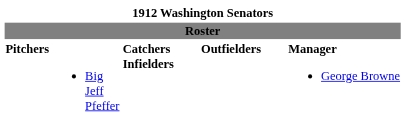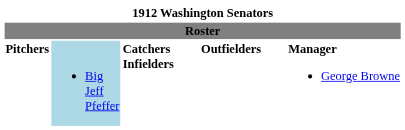 <table class="toccolours" style="font-size: 95%;">
 <tr>
 <th colspan="10" style="background-color: white; color: black; text-align: center;">1912 Washington Senators</th>
 </tr>
 <tr>
 <td colspan="10" style="background-color:gray; color: black; text-align: center;"><strong>Roster</strong></td>
 </tr>
 <tr>
 <td valign="top"><strong>Pitchers</strong></td>
-<td width="25px"><br><ul><li><a href='#'>Big Jeff Pfeffer</a></li></ul></td>
+<td width="25px" style="background: lightblue;"><br><ul><li><a href='#'>Big Jeff Pfeffer</a></li></ul></td>
 <td valign="top"><strong>Catchers</strong><br><strong>Infielders</strong></td>
 <td width="25px"></td>
 <td valign="top"><strong>Outfielders</strong></td>
 <td width="25px"></td>
 <td valign="top"><strong>Manager</strong><br><ul><li><a href='#'>George Browne</a></li></ul></td>
 </tr>
 </table>
